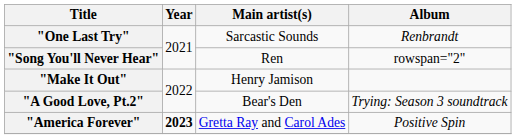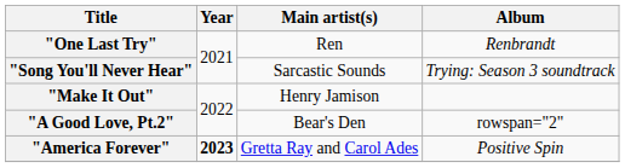 <table class="wikitable sortable plainrowheaders" style="text-align: center;">
 <tr>
 <th>Title</th>
 <th>Year</th>
 <th>Main artist(s)</th>
 <th>Album</th>
 </tr>
 <tr>
 <th scope="row">"One Last Try"</th>
 <td rowspan="2">2021</td>
-<td>Sarcastic Sounds</td>
+<td>Ren</td>
 <td><em>Renbrandt</em></td>
 </tr>
 <tr>
 <th scope="row">"Song You'll Never Hear"</th>
-<td>Ren</td>
-<td>rowspan="2" </td>
+<td>Sarcastic Sounds</td>
+<td><em>Trying: Season 3 soundtrack</em></td>
 </tr>
 <tr>
 <th scope="row">"Make It Out"</th>
 <td rowspan="2">2022</td>
 <td>Henry Jamison</td>
 </tr>
 <tr>
 <th scope="row">"A Good Love, Pt.2"</th>
 <td>Bear's Den</td>
-<td><em>Trying: Season 3 soundtrack</em></td>
+<td>rowspan="2" </td>
 </tr>
 <tr>
 <th scope="row">"America Forever"</th>
 <td><strong>2023</strong></td>
 <td><a href='#'>Gretta Ray</a> and <a href='#'>Carol Ades</a></td>
 <td><em>Positive Spin</em></td>
 </tr>
 <tr>
 </tr>
 </table>
